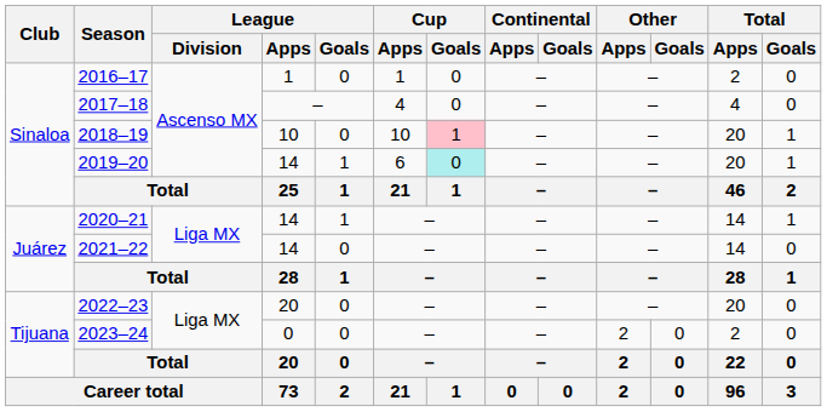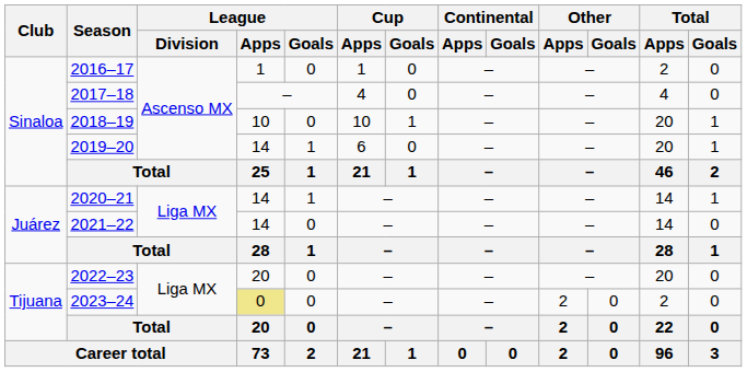 <table class="wikitable" style="text-align: center">
 <tr>
 <th rowspan="2">Club</th>
 <th rowspan="2">Season</th>
 <th colspan="3">League</th>
 <th colspan="2">Cup</th>
 <th colspan="2">Continental</th>
 <th colspan="2">Other</th>
 <th colspan="2">Total</th>
 </tr>
 <tr>
 <th>Division</th>
 <th>Apps</th>
 <th>Goals</th>
 <th>Apps</th>
 <th>Goals</th>
 <th>Apps</th>
 <th>Goals</th>
 <th>Apps</th>
 <th>Goals</th>
 <th>Apps</th>
 <th>Goals</th>
 </tr>
 <tr>
 <td rowspan="5"><a href='#'>Sinaloa</a></td>
 <td><a href='#'>2016–17</a></td>
 <td rowspan="4"><a href='#'>Ascenso MX</a></td>
 <td>1</td>
 <td>0</td>
 <td>1</td>
 <td>0</td>
 <td colspan="2">–</td>
 <td colspan="2">–</td>
 <td>2</td>
 <td>0</td>
 </tr>
 <tr>
 <td><a href='#'>2017–18</a></td>
 <td colspan="2">–</td>
 <td>4</td>
 <td>0</td>
 <td colspan="2">–</td>
 <td colspan="2">–</td>
 <td>4</td>
 <td>0</td>
 </tr>
 <tr>
 <td><a href='#'>2018–19</a></td>
 <td>10</td>
 <td>0</td>
 <td>10</td>
-<td style="background: pink;">1</td>
+<td>1</td>
 <td colspan="2">–</td>
 <td colspan="2">–</td>
 <td>20</td>
 <td>1</td>
 </tr>
 <tr>
 <td><a href='#'>2019–20</a></td>
 <td>14</td>
 <td>1</td>
 <td>6</td>
-<td style="background: paleturquoise;">0</td>
+<td>0</td>
 <td colspan="2">–</td>
 <td colspan="2">–</td>
 <td>20</td>
 <td>1</td>
 </tr>
 <tr>
 <th colspan="2">Total</th>
 <th>25</th>
 <th>1</th>
 <th>21</th>
 <th>1</th>
 <th colspan="2">–</th>
 <th colspan="2">–</th>
 <th>46</th>
 <th>2</th>
 </tr>
 <tr>
 <td rowspan="3"><a href='#'>Juárez</a></td>
 <td><a href='#'>2020–21</a></td>
 <td rowspan="2"><a href='#'>Liga MX</a></td>
 <td>14</td>
 <td>1</td>
 <td colspan="2">–</td>
 <td colspan="2">–</td>
 <td colspan="2">–</td>
 <td>14</td>
 <td>1</td>
 </tr>
 <tr>
 <td><a href='#'>2021–22</a></td>
 <td>14</td>
 <td>0</td>
 <td colspan="2">–</td>
 <td colspan="2">–</td>
 <td colspan="2">–</td>
 <td>14</td>
 <td>0</td>
 </tr>
 <tr>
 <th colspan="2">Total</th>
 <th>28</th>
 <th>1</th>
 <th colspan="2">–</th>
 <th colspan="2">–</th>
 <th colspan="2">–</th>
 <th>28</th>
 <th>1</th>
 </tr>
 <tr>
 <td rowspan="3"><a href='#'>Tijuana</a></td>
 <td><a href='#'>2022–23</a></td>
 <td rowspan="2">Liga MX</td>
 <td>20</td>
 <td>0</td>
 <td colspan="2">–</td>
 <td colspan="2">–</td>
 <td colspan="2">–</td>
 <td>20</td>
 <td>0</td>
 </tr>
 <tr>
 <td><a href='#'>2023–24</a></td>
-<td>0</td>
+<td style="background: khaki;">0</td>
 <td>0</td>
 <td colspan="2">–</td>
 <td colspan="2">–</td>
 <td>2</td>
 <td>0</td>
 <td>2</td>
 <td>0</td>
 </tr>
 <tr>
 <th colspan="2">Total</th>
 <th>20</th>
 <th>0</th>
 <th colspan="2">–</th>
 <th colspan="2">–</th>
 <th>2</th>
 <th>0</th>
 <th>22</th>
 <th>0</th>
 </tr>
 <tr>
 <th colspan=3>Career total</th>
 <th>73</th>
 <th>2</th>
 <th>21</th>
 <th>1</th>
 <th>0</th>
 <th>0</th>
 <th>2</th>
 <th>0</th>
 <th>96</th>
 <th>3</th>
 </tr>
 </table>
